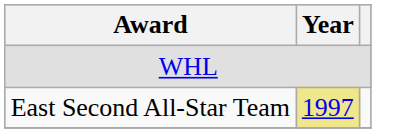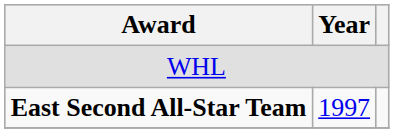 <table class="wikitable">
 <tr>
 <th>Award</th>
 <th>Year</th>
 <th></th>
 </tr>
 <tr ALIGN="center" bgcolor="#e0e0e0">
 <td colspan="3"><a href='#'>WHL</a></td>
 </tr>
 <tr>
-<td>East Second All-Star Team</td>
-<td style="background: khaki;"><a href='#'>1997</a></td>
+<td><strong>East Second All-Star Team</strong></td>
+<td><a href='#'>1997</a></td>
 <td></td>
 </tr>
 <tr>
 </tr>
 </table>
